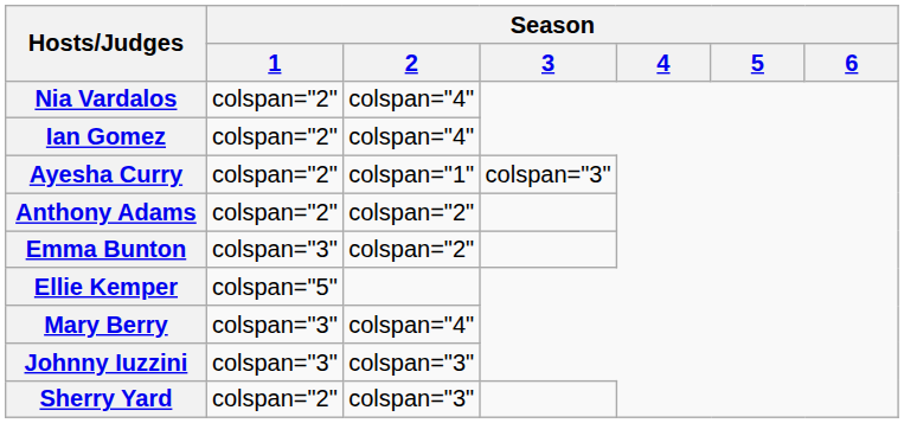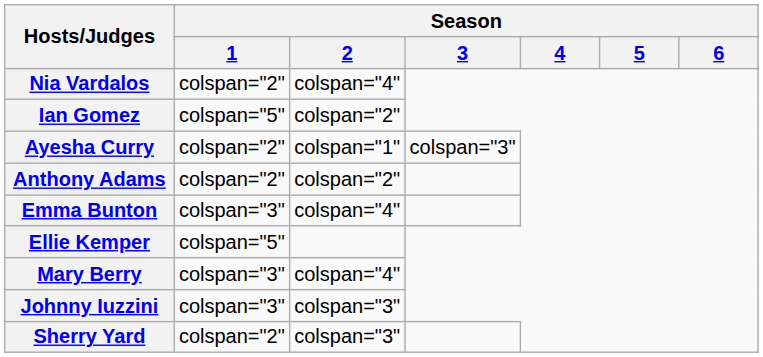 <table class="wikitable plainrowheaders" style="font-size:90%;">
 <tr>
 <th scope="col" style="width:8em;" rowspan="2">Hosts/Judges</th>
 <th scope="colgroup" colspan="6">Season</th>
 </tr>
 <tr>
 <th scope="col" style="width:3.5em;"><a href='#'>1</a></th>
 <th scope="col" style="width:3.5em;"><a href='#'>2</a></th>
 <th scope="col" style="width:3.5em;"><a href='#'>3</a></th>
 <th scope="col" style="width:3.5em;"><a href='#'>4</a></th>
 <th scope="col" style="width:3.5em;"><a href='#'>5</a></th>
 <th scope="col" style="width:3.5em;"><a href='#'>6</a></th>
 </tr>
 <tr>
 <th scope="row"><a href='#'>Nia Vardalos</a></th>
 <td>colspan="2" </td>
 <td>colspan="4" </td>
 </tr>
 <tr>
 <th scope="row"><a href='#'>Ian Gomez</a></th>
+<td>colspan="5" </td>
 <td>colspan="2" </td>
-<td>colspan="4" </td>
 </tr>
 <tr>
 <th scope="row"><a href='#'>Ayesha Curry</a></th>
 <td>colspan="2" </td>
 <td>colspan="1" </td>
 <td>colspan="3" </td>
 </tr>
 <tr>
 <th scope="row"><a href='#'>Anthony Adams</a></th>
 <td>colspan="2" </td>
 <td>colspan="2" </td>
 <td></td>
 </tr>
 <tr>
 <th scope="row"><a href='#'>Emma Bunton</a></th>
 <td>colspan="3" </td>
-<td>colspan="2" </td>
+<td>colspan="4" </td>
 <td></td>
 </tr>
 <tr>
 <th scope="row"><a href='#'>Ellie Kemper</a></th>
 <td>colspan="5" </td>
 <td></td>
 </tr>
 <tr>
 <th scope="row"><a href='#'>Mary Berry</a></th>
 <td>colspan="3" </td>
 <td>colspan="4" </td>
 </tr>
 <tr>
 <th scope="row"><a href='#'>Johnny Iuzzini</a></th>
 <td>colspan="3" </td>
 <td>colspan="3" </td>
 </tr>
 <tr>
 <th scope="row"><a href='#'>Sherry Yard</a></th>
 <td>colspan="2" </td>
 <td>colspan="3" </td>
 <td></td>
 </tr>
 </table>
